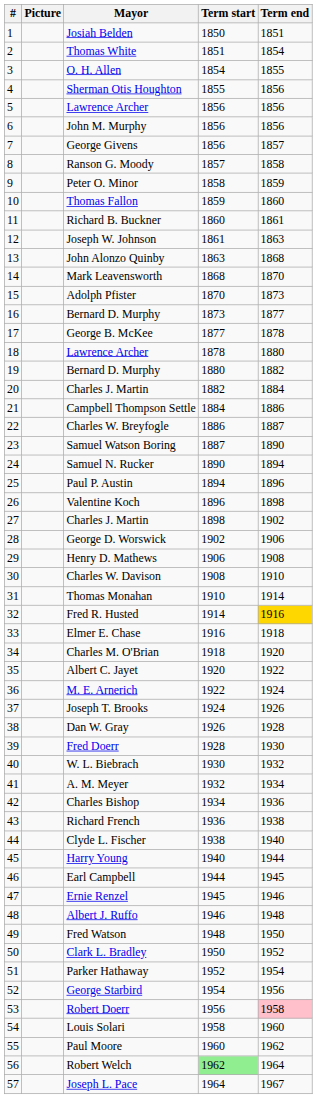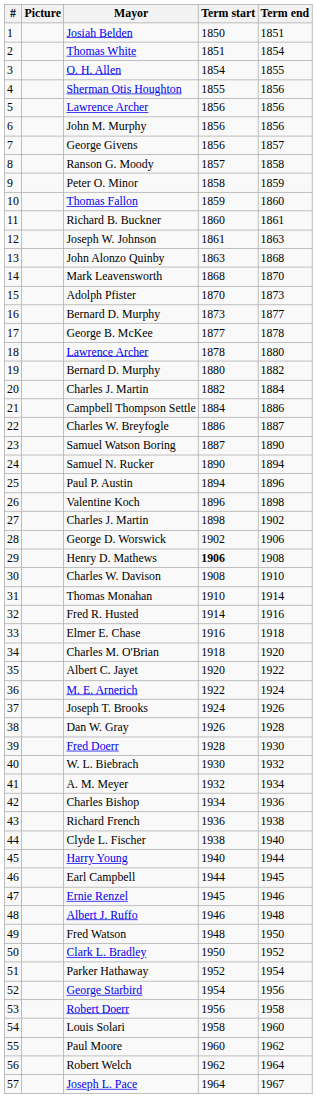 <table class="wikitable sortable">
 <tr>
 <th>#</th>
 <th>Picture</th>
 <th>Mayor</th>
 <th>Term start</th>
 <th>Term end</th>
 </tr>
 <tr>
 <td>1</td>
 <td></td>
 <td><a href='#'>Josiah Belden</a></td>
 <td>1850</td>
 <td>1851</td>
 </tr>
 <tr>
 <td>2</td>
 <td></td>
 <td><a href='#'>Thomas White</a></td>
 <td>1851</td>
 <td>1854</td>
 </tr>
 <tr>
 <td>3</td>
 <td></td>
 <td><a href='#'>O. H. Allen</a></td>
 <td>1854</td>
 <td>1855</td>
 </tr>
 <tr>
 <td>4</td>
 <td></td>
 <td><a href='#'>Sherman Otis Houghton</a></td>
 <td>1855</td>
 <td>1856</td>
 </tr>
 <tr>
 <td>5</td>
 <td></td>
 <td><a href='#'>Lawrence Archer</a></td>
 <td>1856</td>
 <td>1856</td>
 </tr>
 <tr>
 <td>6</td>
 <td></td>
 <td>John M. Murphy</td>
 <td>1856</td>
 <td>1856</td>
 </tr>
 <tr>
 <td>7</td>
 <td></td>
 <td>George Givens</td>
 <td>1856</td>
 <td>1857</td>
 </tr>
 <tr>
 <td>8</td>
 <td></td>
 <td>Ranson G. Moody</td>
 <td>1857</td>
 <td>1858</td>
 </tr>
 <tr>
 <td>9</td>
 <td></td>
 <td>Peter O. Minor</td>
 <td>1858</td>
 <td>1859</td>
 </tr>
 <tr>
 <td>10</td>
 <td></td>
 <td><a href='#'>Thomas Fallon</a></td>
 <td>1859</td>
 <td>1860</td>
 </tr>
 <tr>
 <td>11</td>
 <td></td>
 <td>Richard B. Buckner</td>
 <td>1860</td>
 <td>1861</td>
 </tr>
 <tr>
 <td>12</td>
 <td></td>
 <td>Joseph W. Johnson</td>
 <td>1861</td>
 <td>1863</td>
 </tr>
 <tr>
 <td>13</td>
 <td></td>
 <td>John Alonzo Quinby</td>
 <td>1863</td>
 <td>1868</td>
 </tr>
 <tr>
 <td>14</td>
 <td></td>
 <td>Mark Leavensworth</td>
 <td>1868</td>
 <td>1870</td>
 </tr>
 <tr>
 <td>15</td>
 <td></td>
 <td>Adolph Pfister</td>
 <td>1870</td>
 <td>1873</td>
 </tr>
 <tr>
 <td>16</td>
 <td></td>
 <td>Bernard D. Murphy</td>
 <td>1873</td>
 <td>1877</td>
 </tr>
 <tr>
 <td>17</td>
 <td></td>
 <td>George B. McKee</td>
 <td>1877</td>
 <td>1878</td>
 </tr>
 <tr>
 <td>18</td>
 <td></td>
 <td><a href='#'>Lawrence Archer</a></td>
 <td>1878</td>
 <td>1880</td>
 </tr>
 <tr>
 <td>19</td>
 <td></td>
 <td>Bernard D. Murphy</td>
 <td>1880</td>
 <td>1882</td>
 </tr>
 <tr>
 <td>20</td>
 <td></td>
 <td>Charles J. Martin</td>
 <td>1882</td>
 <td>1884</td>
 </tr>
 <tr>
 <td>21</td>
 <td></td>
 <td>Campbell Thompson Settle</td>
 <td>1884</td>
 <td>1886</td>
 </tr>
 <tr>
 <td>22</td>
 <td></td>
 <td>Charles W. Breyfogle</td>
 <td>1886</td>
 <td>1887</td>
 </tr>
 <tr>
 <td>23</td>
 <td></td>
 <td>Samuel Watson Boring</td>
 <td>1887</td>
 <td>1890</td>
 </tr>
 <tr>
 <td>24</td>
 <td></td>
 <td>Samuel N. Rucker</td>
 <td>1890</td>
 <td>1894</td>
 </tr>
 <tr>
 <td>25</td>
 <td></td>
 <td>Paul P. Austin</td>
 <td>1894</td>
 <td>1896</td>
 </tr>
 <tr>
 <td>26</td>
 <td></td>
 <td>Valentine Koch</td>
 <td>1896</td>
 <td>1898</td>
 </tr>
 <tr>
 <td>27</td>
 <td></td>
 <td>Charles J. Martin</td>
 <td>1898</td>
 <td>1902</td>
 </tr>
 <tr>
 <td>28</td>
 <td></td>
 <td>George D. Worswick</td>
 <td>1902</td>
 <td>1906</td>
 </tr>
 <tr>
 <td>29</td>
 <td></td>
 <td>Henry D. Mathews</td>
-<td>1906</td>
+<td><strong>1906</strong></td>
 <td>1908</td>
 </tr>
 <tr>
 <td>30</td>
 <td></td>
 <td>Charles W. Davison</td>
 <td>1908</td>
 <td>1910</td>
 </tr>
 <tr>
 <td>31</td>
 <td></td>
 <td>Thomas Monahan</td>
 <td>1910</td>
 <td>1914</td>
 </tr>
 <tr>
 <td>32</td>
 <td></td>
 <td>Fred R. Husted</td>
 <td>1914</td>
-<td style="background: gold;">1916</td>
+<td>1916</td>
 </tr>
 <tr>
 <td>33</td>
 <td></td>
 <td>Elmer E. Chase</td>
 <td>1916</td>
 <td>1918</td>
 </tr>
 <tr>
 <td>34</td>
 <td></td>
 <td>Charles M. O'Brian</td>
 <td>1918</td>
 <td>1920</td>
 </tr>
 <tr>
 <td>35</td>
 <td></td>
 <td>Albert C. Jayet</td>
 <td>1920</td>
 <td>1922</td>
 </tr>
 <tr>
 <td>36</td>
 <td></td>
 <td><a href='#'>M. E. Arnerich</a></td>
 <td>1922</td>
 <td>1924</td>
 </tr>
 <tr>
 <td>37</td>
 <td></td>
 <td>Joseph T. Brooks</td>
 <td>1924</td>
 <td>1926</td>
 </tr>
 <tr>
 <td>38</td>
 <td></td>
 <td>Dan W. Gray</td>
 <td>1926</td>
 <td>1928</td>
 </tr>
 <tr>
 <td>39</td>
 <td></td>
 <td><a href='#'>Fred Doerr</a></td>
 <td>1928</td>
 <td>1930</td>
 </tr>
 <tr>
 <td>40</td>
 <td></td>
 <td>W. L. Biebrach</td>
 <td>1930</td>
 <td>1932</td>
 </tr>
 <tr>
 <td>41</td>
 <td></td>
 <td>A. M. Meyer</td>
 <td>1932</td>
 <td>1934</td>
 </tr>
 <tr>
 <td>42</td>
 <td></td>
 <td>Charles Bishop</td>
 <td>1934</td>
 <td>1936</td>
 </tr>
 <tr>
 <td>43</td>
 <td></td>
 <td>Richard French</td>
 <td>1936</td>
 <td>1938</td>
 </tr>
 <tr>
 <td>44</td>
 <td></td>
 <td>Clyde L. Fischer</td>
 <td>1938</td>
 <td>1940</td>
 </tr>
 <tr>
 <td>45</td>
 <td></td>
 <td><a href='#'>Harry Young</a></td>
 <td>1940</td>
 <td>1944</td>
 </tr>
 <tr>
 <td>46</td>
 <td></td>
 <td>Earl Campbell</td>
 <td>1944</td>
 <td>1945</td>
 </tr>
 <tr>
 <td>47</td>
 <td></td>
 <td><a href='#'>Ernie Renzel</a></td>
 <td>1945</td>
 <td>1946</td>
 </tr>
 <tr>
 <td>48</td>
 <td></td>
 <td><a href='#'>Albert J. Ruffo</a></td>
 <td>1946</td>
 <td>1948</td>
 </tr>
 <tr>
 <td>49</td>
 <td></td>
 <td>Fred Watson</td>
 <td>1948</td>
 <td>1950</td>
 </tr>
 <tr>
 <td>50</td>
 <td></td>
 <td><a href='#'>Clark L. Bradley</a></td>
 <td>1950</td>
 <td>1952</td>
 </tr>
 <tr>
 <td>51</td>
 <td></td>
 <td>Parker Hathaway</td>
 <td>1952</td>
 <td>1954</td>
 </tr>
 <tr>
 <td>52</td>
 <td></td>
 <td><a href='#'>George Starbird</a></td>
 <td>1954</td>
 <td>1956</td>
 </tr>
 <tr>
 <td>53</td>
 <td></td>
 <td><a href='#'>Robert Doerr</a></td>
 <td>1956</td>
-<td style="background: pink;">1958</td>
+<td>1958</td>
 </tr>
 <tr>
 <td>54</td>
 <td></td>
 <td>Louis Solari</td>
 <td>1958</td>
 <td>1960</td>
 </tr>
 <tr>
 <td>55</td>
 <td></td>
 <td>Paul Moore</td>
 <td>1960</td>
 <td>1962</td>
 </tr>
 <tr>
 <td>56</td>
 <td></td>
 <td>Robert Welch</td>
-<td style="background: lightgreen;">1962</td>
+<td>1962</td>
 <td>1964</td>
 </tr>
 <tr>
 <td>57</td>
 <td></td>
 <td><a href='#'>Joseph L. Pace</a></td>
 <td>1964</td>
 <td>1967</td>
 </tr>
 </table>
